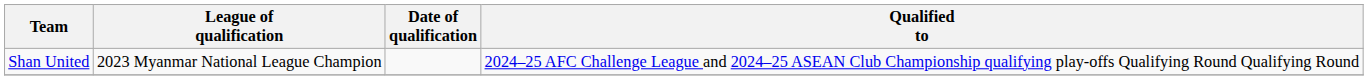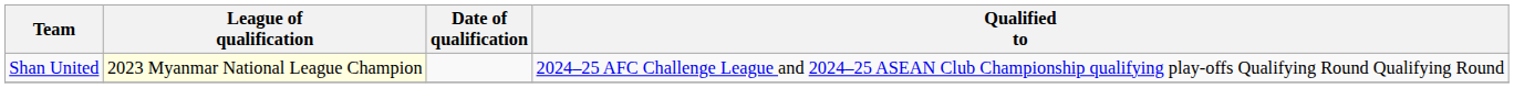 <table class="wikitable sortable" style="text-align: left;">
 <tr>
 <th>Team</th>
 <th>League of<br>qualification</th>
 <th>Date of<br>qualification</th>
 <th>Qualified<br>to<br></th>
 </tr>
 <tr>
 <td><a href='#'>Shan United</a></td>
-<td {{Sort>2023 Myanmar National League Champion</td>
+<td {{Sort style="background: lightyellow;">2023 Myanmar National League Champion</td>
 <td></td>
 <td><a href='#'>2024–25 AFC Challenge League </a> and <a href='#'>2024–25 ASEAN Club Championship qualifying</a> play-offs  Qualifying Round  Qualifying Round</td>
 </tr>
 <tr>
 </tr>
 </table>
